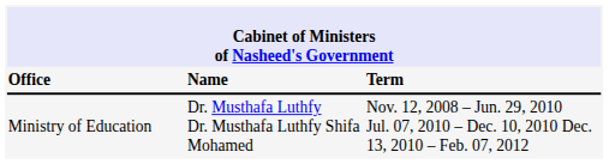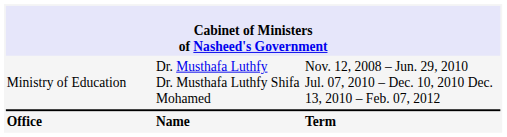 <table class="toccolours" data-darkreader-inline-bgcolor="" data-darkreader-inline-bgimage="" style="float:auto; font-size:90%; width:530px; background:#f5f5f5;">
 <tr>
 <th colspan="3" data-darkreader-inline-bgcolor="" data-darkreader-inline-bgimage="" style="background:lavender;"><div> </div><span>Cabinet of Ministers</span><br><span>of <a href='#'>Nasheed's Government</a></span></th>
+</tr>
+<tr>
+<td>Ministry of Education</td>
+<td>Dr. <a href='#'>Musthafa Luthfy</a><br>Dr. Musthafa Luthfy Shifa Mohamed</td>
+<td>Nov. 12, 2008 – Jun. 29, 2010<br>Jul. 07, 2010 – Dec. 10, 2010 Dec. 13, 2010 – Feb. 07, 2012</td>
+</tr>
+<tr>
+<th colspan="3" data-darkreader-inline-bgcolor="" data-darkreader-inline-bgimage="" style="background:#000;"></th>
 </tr>
 <tr style="font-weight:bold;">
 <td style="width:30%;">Office</td>
 <td>Name</td>
 <td style="width:40%;">Term</td>
 </tr>
-<tr>
-<th colspan="3" data-darkreader-inline-bgcolor="" data-darkreader-inline-bgimage="" style="background:#000;"></th>
-</tr>
-<tr>
-<td>Ministry of Education</td>
-<td>Dr. <a href='#'>Musthafa Luthfy</a><br>Dr. Musthafa Luthfy Shifa Mohamed</td>
-<td>Nov. 12, 2008 – Jun. 29, 2010<br>Jul. 07, 2010 – Dec. 10, 2010 Dec. 13, 2010 – Feb. 07, 2012</td>
-</tr>
 </table>
